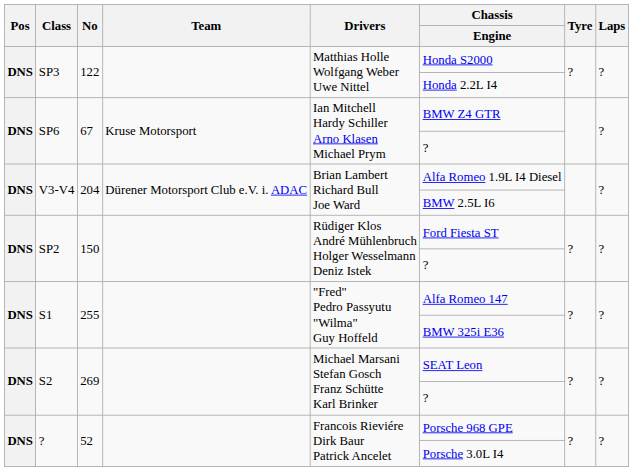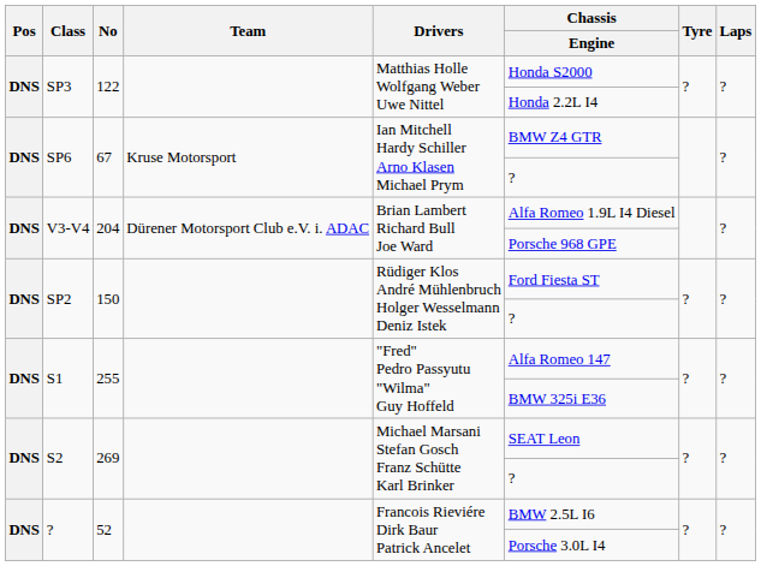 <table class="wikitable" style="font-size: 95%;">
 <tr>
 <th rowspan=2>Pos</th>
 <th rowspan=2>Class</th>
 <th rowspan=2>No</th>
 <th rowspan=2>Team</th>
 <th rowspan=2>Drivers</th>
 <th>Chassis</th>
 <th rowspan=2>Tyre</th>
 <th rowspan=2>Laps</th>
 </tr>
 <tr>
 <th>Engine</th>
 </tr>
 <tr>
 <th rowspan=2>DNS</th>
 <td rowspan=2>SP3</td>
 <td rowspan=2>122</td>
 <td rowspan=2></td>
 <td rowspan=2> Matthias Holle<br> Wolfgang Weber<br> Uwe Nittel</td>
 <td><a href='#'>Honda S2000</a></td>
 <td rowspan=2>?</td>
 <td rowspan=2>?</td>
 </tr>
 <tr>
 <td><a href='#'>Honda</a> 2.2L I4</td>
 </tr>
 <tr>
 <th rowspan=2>DNS</th>
 <td rowspan=2>SP6</td>
 <td rowspan=2>67</td>
 <td rowspan=2> Kruse Motorsport</td>
 <td rowspan=2> Ian Mitchell<br> Hardy Schiller<br> <a href='#'>Arno Klasen</a><br> Michael Prym</td>
 <td><a href='#'>BMW Z4 GTR</a></td>
 <td rowspan=2></td>
 <td rowspan=2>?</td>
 </tr>
 <tr>
 <td>?</td>
 </tr>
 <tr>
 <th rowspan=2>DNS</th>
 <td rowspan=2>V3-V4</td>
 <td rowspan=2>204</td>
 <td rowspan=2> Dürener Motorsport Club e.V. i. <a href='#'>ADAC</a></td>
 <td rowspan=2> Brian Lambert<br> Richard Bull<br> Joe Ward</td>
 <td><a href='#'>Alfa Romeo</a> 1.9L I4 Diesel</td>
 <td rowspan=2></td>
 <td rowspan=2>?</td>
 </tr>
 <tr>
-<td><a href='#'>BMW</a> 2.5L I6</td>
+<td><a href='#'>Porsche 968 GPE</a></td>
 </tr>
 <tr>
 <th rowspan=2>DNS</th>
 <td rowspan=2>SP2</td>
 <td rowspan=2>150</td>
 <td rowspan=2></td>
 <td rowspan=2> Rüdiger Klos<br> André Mühlenbruch<br> Holger Wesselmann<br> Deniz Istek</td>
 <td><a href='#'>Ford Fiesta ST</a></td>
 <td rowspan=2>?</td>
 <td rowspan=2>?</td>
 </tr>
 <tr>
 <td>?</td>
 </tr>
 <tr>
 <th rowspan=2>DNS</th>
 <td rowspan=2>S1</td>
 <td rowspan=2>255</td>
 <td rowspan=2></td>
 <td rowspan=2> "Fred"<br> Pedro Passyutu<br> "Wilma"<br> Guy Hoffeld</td>
 <td><a href='#'>Alfa Romeo 147</a></td>
 <td rowspan=2>?</td>
 <td rowspan=2>?</td>
 </tr>
 <tr>
 <td><a href='#'>BMW 325i E36</a></td>
 </tr>
 <tr>
 <th rowspan=2>DNS</th>
 <td rowspan=2>S2</td>
 <td rowspan=2>269</td>
 <td rowspan=2></td>
 <td rowspan=2> Michael Marsani<br> Stefan Gosch<br> Franz Schütte<br> Karl Brinker</td>
 <td><a href='#'>SEAT Leon</a></td>
 <td rowspan=2>?</td>
 <td rowspan=2>?</td>
 </tr>
 <tr>
 <td>?</td>
 </tr>
 <tr>
 <th rowspan=2>DNS</th>
 <td rowspan=2>?</td>
 <td rowspan=2>52</td>
 <td rowspan=2></td>
 <td rowspan=2> Francois Rieviére<br> Dirk Baur<br> Patrick Ancelet</td>
-<td><a href='#'>Porsche 968 GPE</a></td>
+<td><a href='#'>BMW</a> 2.5L I6</td>
 <td rowspan=2>?</td>
 <td rowspan=2>?</td>
 </tr>
 <tr>
 <td><a href='#'>Porsche</a> 3.0L I4</td>
 </tr>
 </table>
